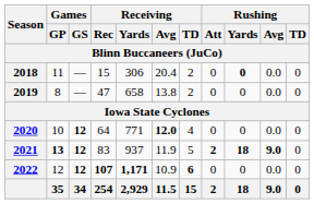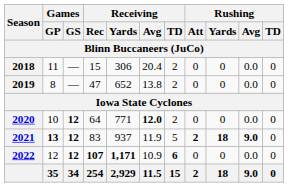 <table class="wikitable" style="text-align:center;">
 <tr>
 <th rowspan="2">Season</th>
 <th colspan="2">Games</th>
 <th colspan="4">Receiving</th>
 <th colspan="4">Rushing</th>
 </tr>
 <tr>
 <th>GP</th>
 <th>GS</th>
 <th>Rec</th>
 <th>Yards</th>
 <th>Avg</th>
 <th>TD</th>
 <th>Att</th>
 <th>Yards</th>
 <th>Avg</th>
 <th>TD</th>
 </tr>
 <tr>
 <th colspan="15">Blinn Buccaneers (JuCo)</th>
 </tr>
 <tr>
 <th>2018</th>
 <td>11</td>
 <td>—</td>
 <td>15</td>
 <td>306</td>
 <td>20.4</td>
 <td>2</td>
 <td>0</td>
-<td><strong>0</strong></td>
+<td>0</td>
 <td>0.0</td>
 <td>0</td>
 </tr>
 <tr>
 <th>2019</th>
 <td>8</td>
 <td>—</td>
 <td>47</td>
-<td>658</td>
+<td>652</td>
 <td>13.8</td>
 <td>2</td>
 <td>0</td>
 <td>0</td>
 <td>0.0</td>
 <td>0</td>
 </tr>
 <tr>
 <th colspan="15">Iowa State Cyclones</th>
 </tr>
 <tr>
 <th><a href='#'>2020</a></th>
 <td>10</td>
 <td><strong>12</strong></td>
 <td>64</td>
 <td>771</td>
 <td><strong>12.0</strong></td>
-<td>4</td>
+<td>2</td>
 <td>0</td>
 <td>0</td>
 <td>0.0</td>
 <td>0</td>
 </tr>
 <tr>
 <th><a href='#'>2021</a></th>
 <td><strong>13</strong></td>
 <td><strong>12</strong></td>
 <td>83</td>
 <td>937</td>
 <td>11.9</td>
 <td>5</td>
 <td><strong>2</strong></td>
 <td><strong>18</strong></td>
 <td><strong>9.0</strong></td>
 <td>0</td>
 </tr>
 <tr>
 <th><a href='#'>2022</a></th>
 <td>12</td>
 <td><strong>12</strong></td>
 <td><strong>107</strong></td>
 <td><strong>1,171</strong></td>
 <td>10.9</td>
 <td><strong>6</strong></td>
 <td>0</td>
 <td>0</td>
 <td>0.0</td>
 <td>0</td>
 </tr>
 <tr>
 <th></th>
 <th>35</th>
 <th>34</th>
 <th>254</th>
 <th>2,929</th>
 <th>11.5</th>
 <th>15</th>
 <th>2</th>
 <th>18</th>
 <th>9.0</th>
 <th>0</th>
 </tr>
 </table>
